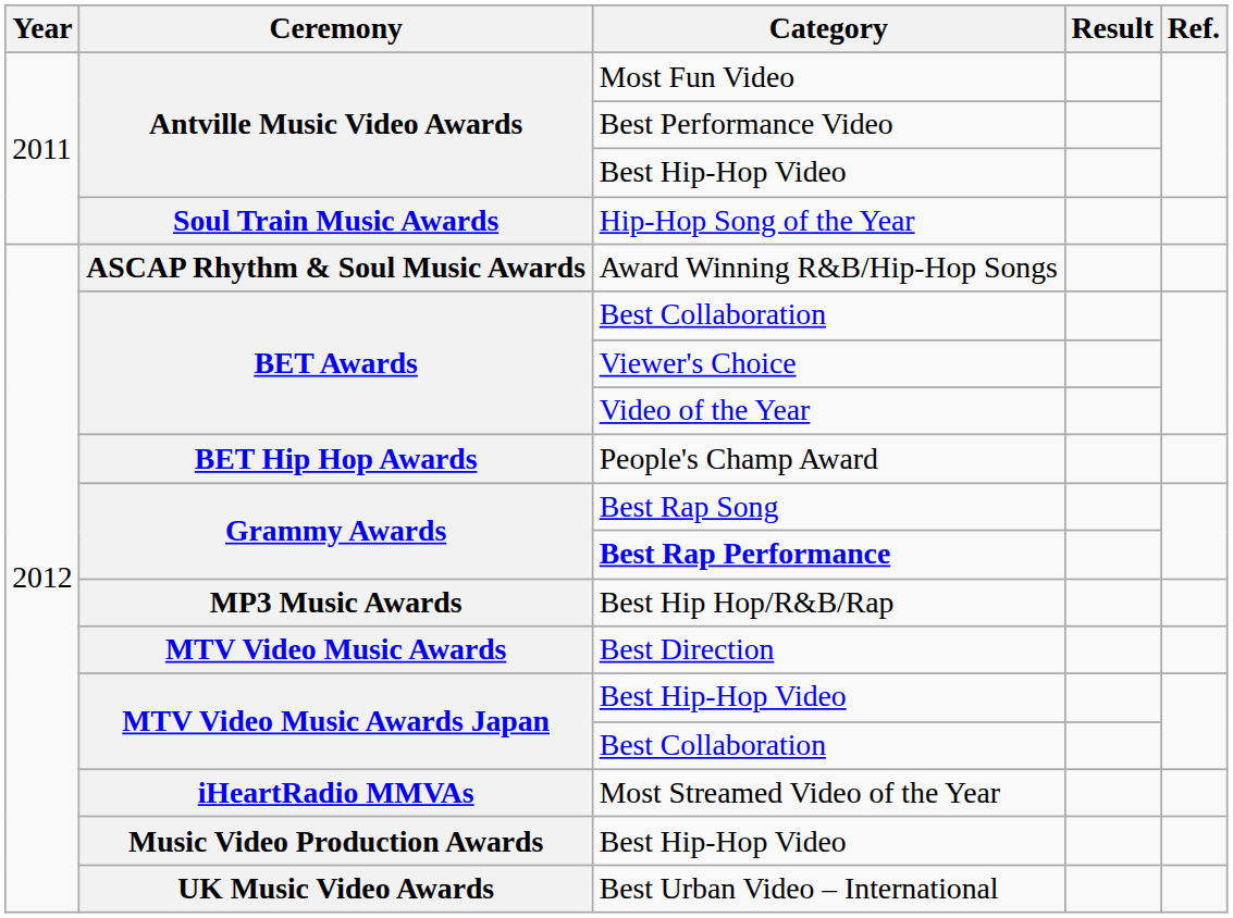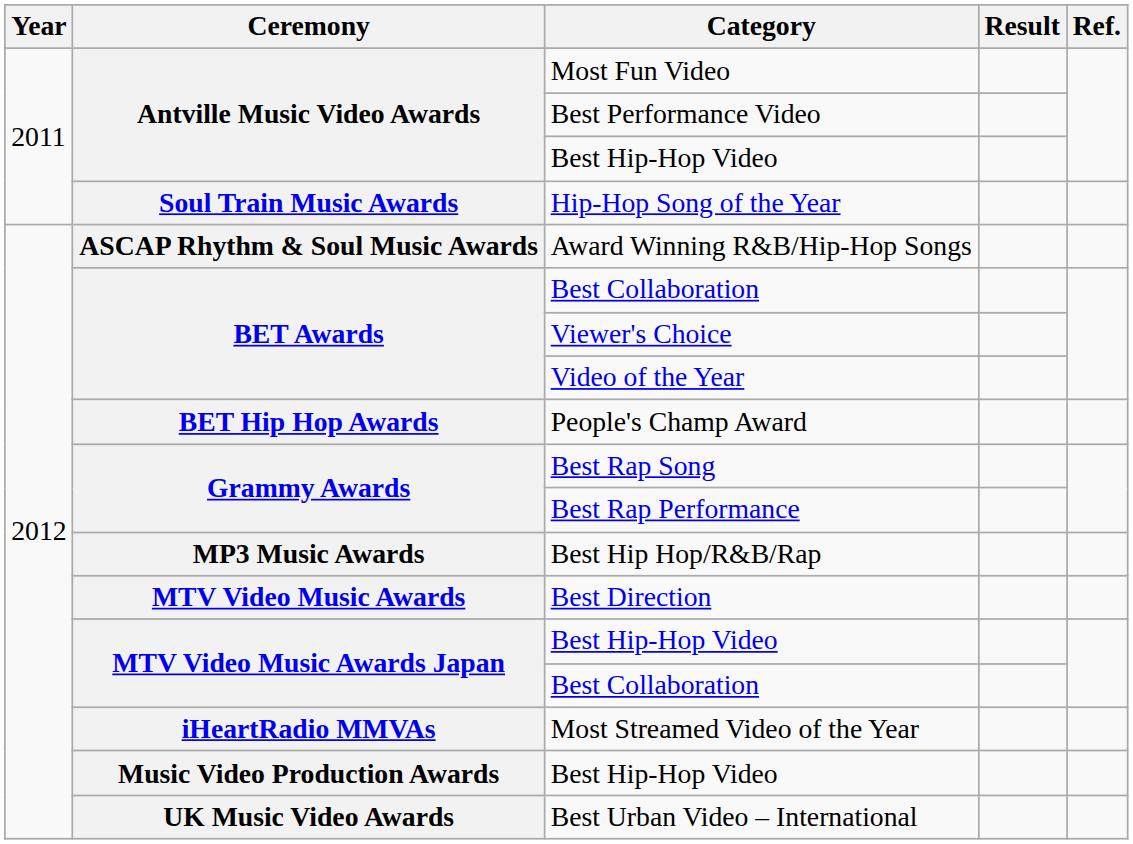 <table class="wikitable plainrowheaders sortable">
 <tr>
 <th scope="col">Year</th>
 <th scope="col">Ceremony</th>
 <th scope="col">Category</th>
 <th scope="col">Result</th>
 <th scope="col" class="unsortable">Ref.</th>
 </tr>
 <tr>
 <td scope="row" rowspan="4">2011</td>
 <th scope="row" rowspan="3">Antville Music Video Awards</th>
 <td>Most Fun Video</td>
 <td></td>
 <td rowspan="3" align="center"></td>
 </tr>
 <tr>
 <td>Best Performance Video</td>
 <td></td>
 </tr>
 <tr>
 <td>Best Hip-Hop Video</td>
 <td></td>
 </tr>
 <tr>
 <th scope="row"><a href='#'>Soul Train Music Awards</a></th>
 <td><a href='#'>Hip-Hop Song of the Year</a></td>
 <td></td>
 <td align="center"></td>
 </tr>
 <tr>
 <td scope="row" rowspan="14">2012</td>
 <th scope="row">ASCAP Rhythm & Soul Music Awards</th>
 <td>Award Winning R&B/Hip-Hop Songs</td>
 <td></td>
 <td align="center"></td>
 </tr>
 <tr>
 <th scope="row" rowspan="3"><a href='#'>BET Awards</a></th>
 <td><a href='#'>Best Collaboration</a></td>
 <td></td>
 <td rowspan="3" align="center"></td>
 </tr>
 <tr>
 <td><a href='#'>Viewer's Choice</a></td>
 <td></td>
 </tr>
 <tr>
 <td><a href='#'>Video of the Year</a></td>
 <td></td>
 </tr>
 <tr>
 <th scope="row"><a href='#'>BET Hip Hop Awards</a></th>
 <td>People's Champ Award</td>
 <td></td>
 <td align="center"></td>
 </tr>
 <tr>
 <th scope="row" rowspan="2"><a href='#'>Grammy Awards</a></th>
 <td><a href='#'>Best Rap Song</a></td>
 <td></td>
 <td rowspan="2" align="center"></td>
 </tr>
 <tr>
-<td><strong><a href='#'>Best Rap Performance</a></strong></td>
+<td><a href='#'>Best Rap Performance</a></td>
 <td></td>
 </tr>
 <tr>
 <th scope="row">MP3 Music Awards</th>
 <td>Best Hip Hop/R&B/Rap</td>
 <td></td>
 <td align="center"></td>
 </tr>
 <tr>
 <th scope="row"><a href='#'>MTV Video Music Awards</a></th>
 <td><a href='#'>Best Direction</a></td>
 <td></td>
 <td align="center"></td>
 </tr>
 <tr>
 <th scope="row" rowspan="2"><a href='#'>MTV Video Music Awards Japan</a></th>
 <td><a href='#'>Best Hip-Hop Video</a></td>
 <td></td>
 <td rowspan="2" align="center"></td>
 </tr>
 <tr>
 <td><a href='#'>Best Collaboration</a></td>
 <td></td>
 </tr>
 <tr>
 <th scope="row"><a href='#'>iHeartRadio MMVAs</a></th>
 <td>Most Streamed Video of the Year</td>
 <td></td>
 <td align="center"></td>
 </tr>
 <tr>
 <th scope="row">Music Video Production Awards</th>
 <td>Best Hip-Hop Video</td>
 <td></td>
 <td align="center"></td>
 </tr>
 <tr>
 <th scope="row">UK Music Video Awards</th>
 <td>Best Urban Video – International</td>
 <td></td>
 <td align="center"></td>
 </tr>
 </table>
